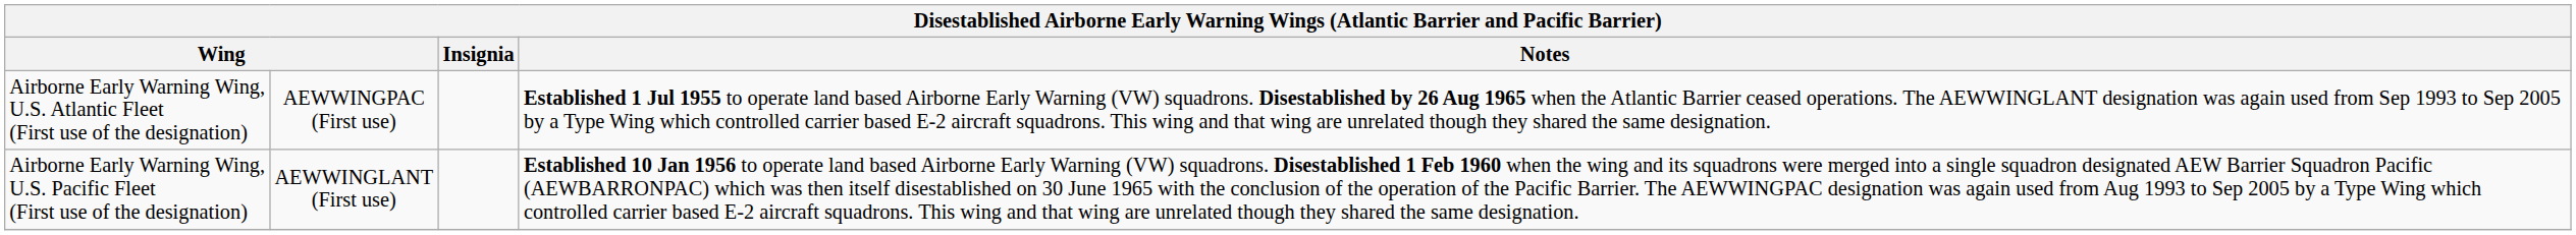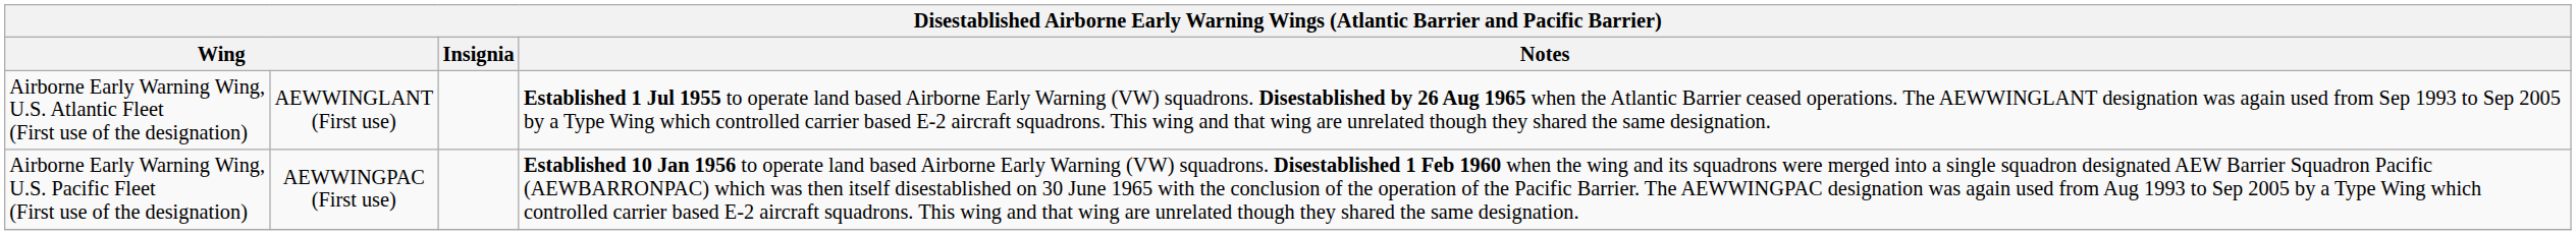 <table class="wikitable" width=100% style="text-align: center">
 <tr>
 <th colspan=4>Disestablished Airborne Early Warning Wings (Atlantic Barrier and Pacific Barrier)</th>
 </tr>
 <tr>
 <th colspan=2>Wing</th>
 <th>Insignia</th>
 <th>Notes</th>
 </tr>
 <tr>
 <td align=left style="white-space: nowrap;">Airborne Early Warning Wing,<br>U.S. Atlantic Fleet<br>(First use of the designation)</td>
-<td style="text-align:center;">AEWWINGPAC<br>(First use)</td>
+<td style="text-align:center;">AEWWINGLANT<br>(First use)</td>
 <td></td>
 <td align=left><strong>Established 1 Jul 1955</strong> to operate land based Airborne Early Warning (VW) squadrons. <strong>Disestablished by 26 Aug 1965</strong> when the Atlantic Barrier ceased operations. The AEWWINGLANT designation was again used from Sep 1993 to Sep 2005 by a Type Wing which controlled carrier based E-2 aircraft squadrons. This wing and that wing are unrelated though they shared the same designation.</td>
 </tr>
 <tr>
 <td align=left>Airborne Early Warning Wing,<br>U.S. Pacific Fleet<br>(First use of the designation)</td>
-<td style="text-align:center;">AEWWINGLANT<br>(First use)</td>
+<td style="text-align:center;">AEWWINGPAC<br>(First use)</td>
 <td></td>
 <td align=left><strong>Established 10 Jan 1956</strong> to operate land based Airborne Early Warning (VW) squadrons. <strong>Disestablished 1 Feb 1960</strong> when the wing and its squadrons were merged into a single squadron designated AEW Barrier Squadron Pacific (AEWBARRONPAC) which was then itself disestablished on 30 June 1965 with the conclusion of the operation of the Pacific Barrier. The AEWWINGPAC designation was again used from Aug 1993 to Sep 2005 by a Type Wing which controlled carrier based E-2 aircraft squadrons. This wing and that wing are unrelated though they shared the same designation.</td>
 </tr>
 <tr>
 </tr>
 </table>
